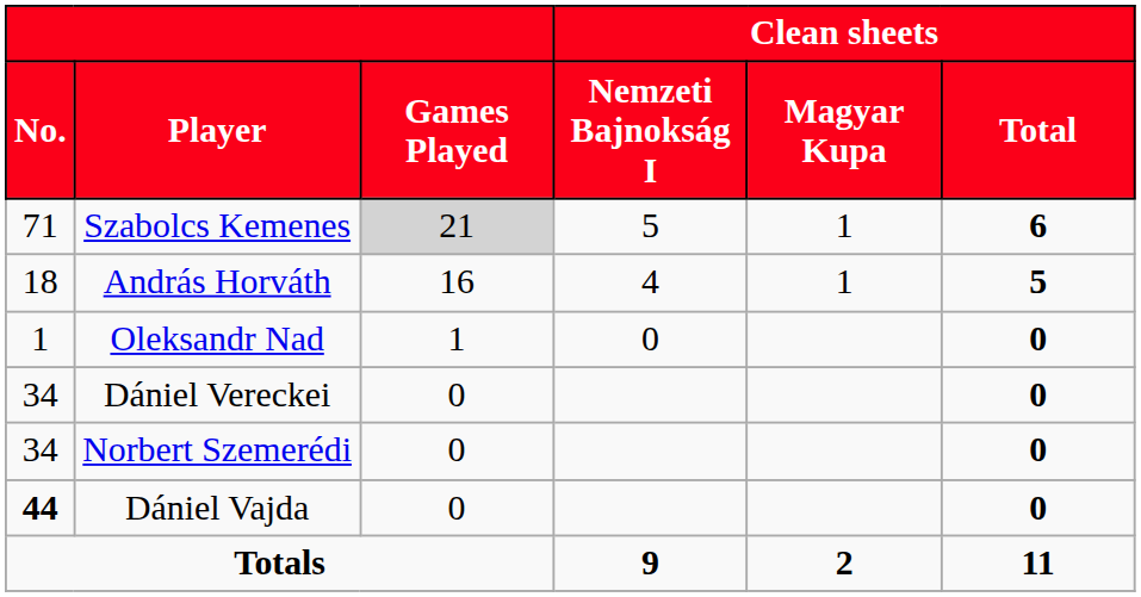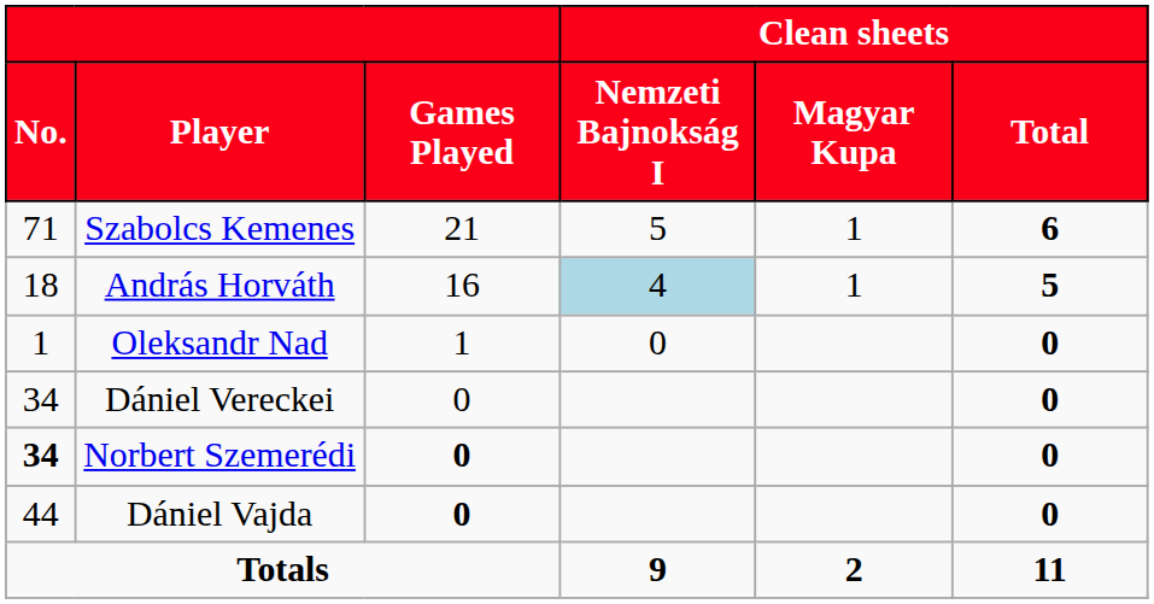 <table class="wikitable sortable alternance" style="text-align:center">
 <tr>
 <th colspan="3" style="background:#fb0019;border:1px solid black"></th>
 <th colspan="4" style="background:#fb0019;color:white;border:1px solid black">Clean sheets</th>
 </tr>
 <tr>
 <th style="background-color:#fb0019;color:white;;border:1px solid black">No.</th>
 <th style="background-color:#fb0019;color:white;border:1px solid black">Player</th>
 <th width=80 style="background-color:#fb0019;color:white;border:1px solid black">Games Played</th>
 <th width=80 style="background-color:#fb0019;color:white;border:1px solid black">Nemzeti Bajnokság I</th>
 <th width=80 style="background-color:#fb0019;color:white;border:1px solid black">Magyar Kupa</th>
 <th width=80 style="background-color:#fb0019;color:white;border:1px solid black">Total</th>
 </tr>
 <tr>
 <td>71</td>
 <td> <a href='#'>Szabolcs Kemenes</a></td>
-<td style="background: lightgrey;">21</td>
+<td>21</td>
 <td>5</td>
 <td>1</td>
 <td><strong>6</strong></td>
 </tr>
 <tr>
 <td>18</td>
 <td> <a href='#'>András Horváth</a></td>
 <td>16</td>
-<td>4</td>
+<td style="background: lightblue;">4</td>
 <td>1</td>
 <td><strong>5</strong></td>
 </tr>
 <tr>
 <td>1</td>
 <td> <a href='#'>Oleksandr Nad</a></td>
 <td>1</td>
 <td>0</td>
 <td></td>
 <td><strong>0</strong></td>
 </tr>
 <tr>
 <td>34</td>
 <td> Dániel Vereckei</td>
 <td>0</td>
 <td></td>
 <td></td>
 <td><strong>0</strong></td>
 </tr>
 <tr>
-<td>34</td>
+<td><strong>34</strong></td>
 <td> <a href='#'>Norbert Szemerédi</a></td>
-<td>0</td>
+<td><strong>0</strong></td>
 <td></td>
 <td></td>
 <td><strong>0</strong></td>
 </tr>
 <tr>
-<td><strong>44</strong></td>
+<td>44</td>
 <td> Dániel Vajda</td>
-<td>0</td>
+<td><strong>0</strong></td>
 <td></td>
 <td></td>
 <td><strong>0</strong></td>
 </tr>
 <tr class="sortbottom">
 <td colspan="3"><strong>Totals</strong></td>
 <td><strong>9</strong></td>
 <td><strong>2</strong></td>
 <td><strong>11</strong></td>
 </tr>
 </table>
